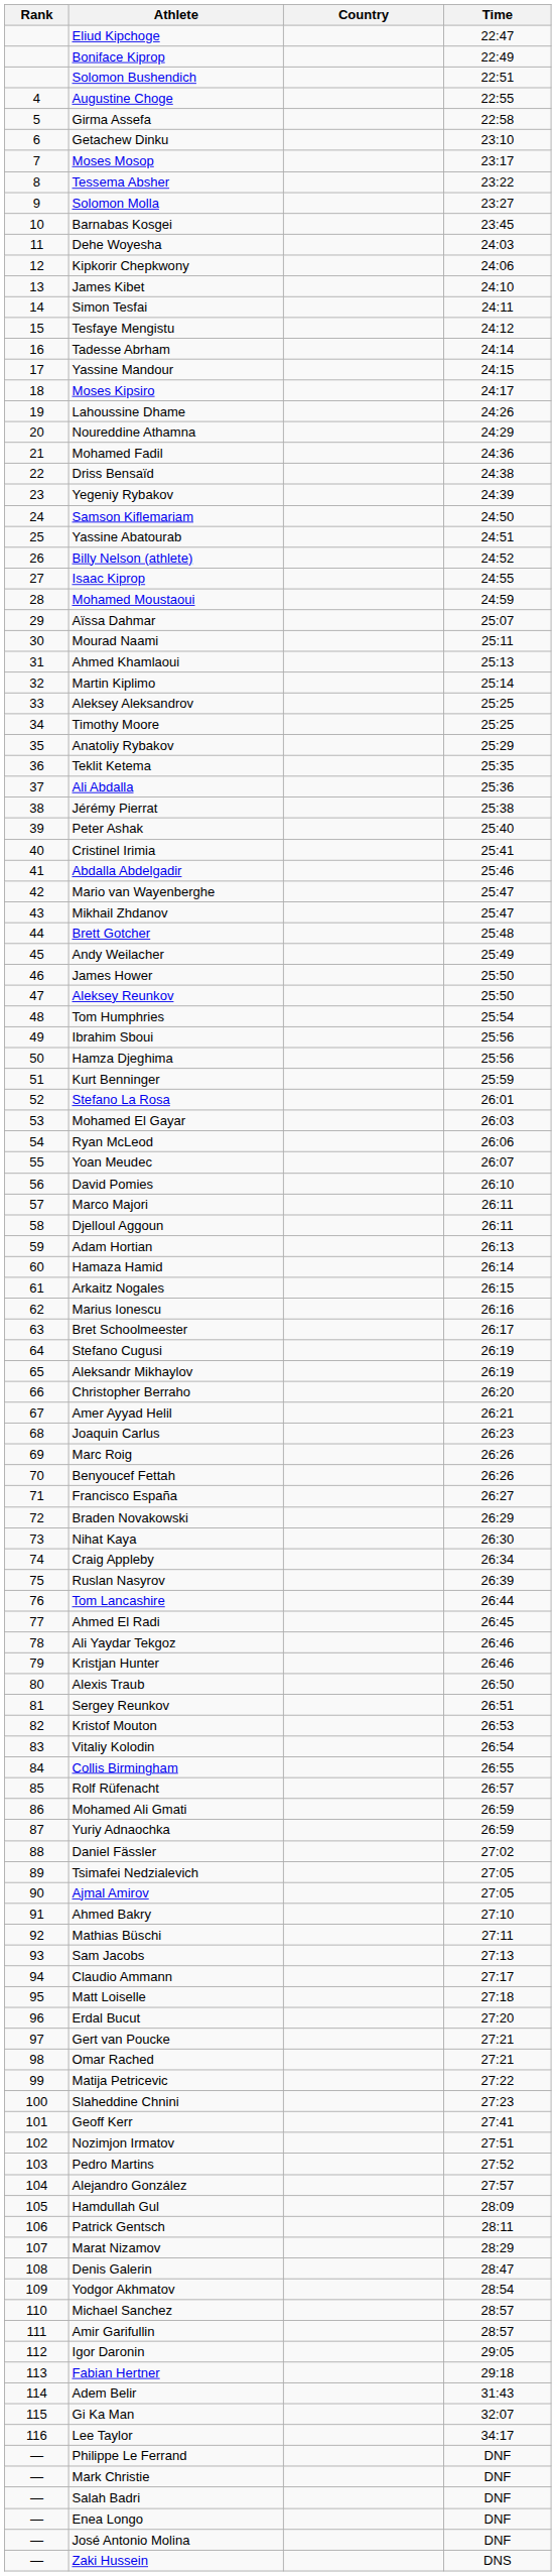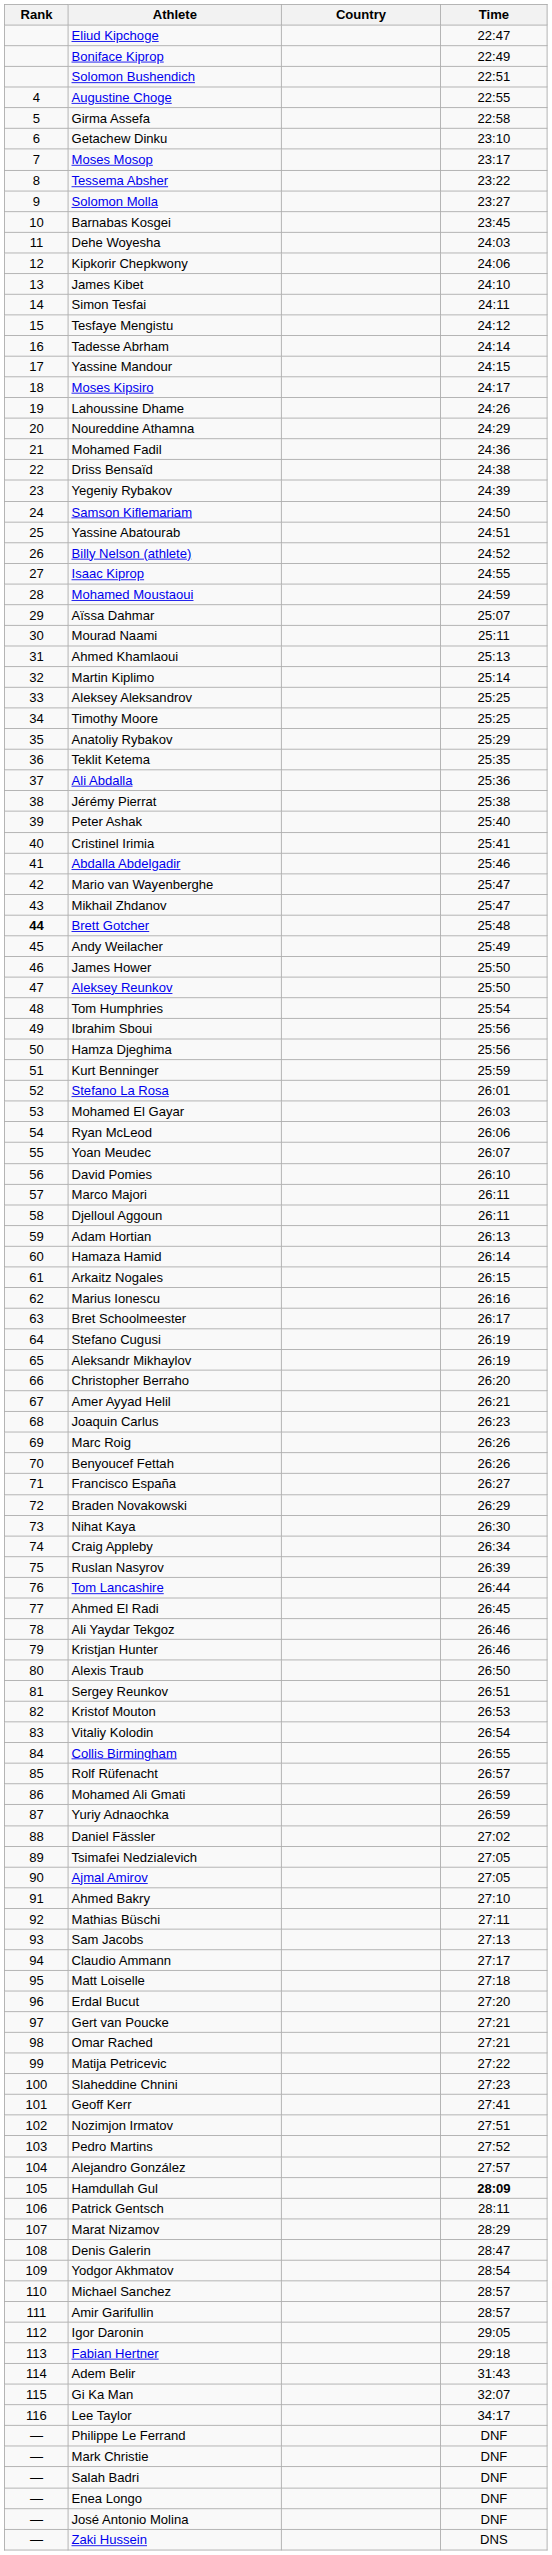 <table class="wikitable sortable" style=" text-align:center; font-size:95%;" width="50%">
 <tr>
 <th width=5%>Rank</th>
 <th width=20%>Athlete</th>
 <th width=15%>Country</th>
 <th width=10%>Time</th>
 </tr>
 <tr>
 <td align=center></td>
 <td align=left><a href='#'>Eliud Kipchoge</a></td>
 <td align=left></td>
 <td>22:47</td>
 </tr>
 <tr>
 <td align=center></td>
 <td align=left><a href='#'>Boniface Kiprop</a></td>
 <td align=left></td>
 <td>22:49</td>
 </tr>
 <tr>
 <td align=center></td>
 <td align=left><a href='#'>Solomon Bushendich</a></td>
 <td align=left></td>
 <td>22:51</td>
 </tr>
 <tr>
 <td align=center>4</td>
 <td align=left><a href='#'>Augustine Choge</a></td>
 <td align=left></td>
 <td>22:55</td>
 </tr>
 <tr>
 <td align=center>5</td>
 <td align=left>Girma Assefa</td>
 <td align=left></td>
 <td>22:58</td>
 </tr>
 <tr>
 <td align=center>6</td>
 <td align=left>Getachew Dinku</td>
 <td align=left></td>
 <td>23:10</td>
 </tr>
 <tr>
 <td align=center>7</td>
 <td align=left><a href='#'>Moses Mosop</a></td>
 <td align=left></td>
 <td>23:17</td>
 </tr>
 <tr>
 <td align=center>8</td>
 <td align=left><a href='#'>Tessema Absher</a></td>
 <td align=left></td>
 <td>23:22</td>
 </tr>
 <tr>
 <td align=center>9</td>
 <td align=left><a href='#'>Solomon Molla</a></td>
 <td align=left></td>
 <td>23:27</td>
 </tr>
 <tr>
 <td align=center>10</td>
 <td align=left>Barnabas Kosgei</td>
 <td align=left></td>
 <td>23:45</td>
 </tr>
 <tr>
 <td align=center>11</td>
 <td align=left>Dehe Woyesha</td>
 <td align=left></td>
 <td>24:03</td>
 </tr>
 <tr>
 <td align=center>12</td>
 <td align=left>Kipkorir Chepkwony</td>
 <td align=left></td>
 <td>24:06</td>
 </tr>
 <tr>
 <td align=center>13</td>
 <td align=left>James Kibet</td>
 <td align=left></td>
 <td>24:10</td>
 </tr>
 <tr>
 <td align=center>14</td>
 <td align=left>Simon Tesfai</td>
 <td align=left></td>
 <td>24:11</td>
 </tr>
 <tr>
 <td align=center>15</td>
 <td align=left>Tesfaye Mengistu</td>
 <td align=left></td>
 <td>24:12</td>
 </tr>
 <tr>
 <td align=center>16</td>
 <td align=left>Tadesse Abrham</td>
 <td align=left></td>
 <td>24:14</td>
 </tr>
 <tr>
 <td align=center>17</td>
 <td align=left>Yassine Mandour</td>
 <td align=left></td>
 <td>24:15</td>
 </tr>
 <tr>
 <td align=center>18</td>
 <td align=left><a href='#'>Moses Kipsiro</a></td>
 <td align=left></td>
 <td>24:17</td>
 </tr>
 <tr>
 <td align=center>19</td>
 <td align=left>Lahoussine Dhame</td>
 <td align=left></td>
 <td>24:26</td>
 </tr>
 <tr>
 <td align=center>20</td>
 <td align=left>Noureddine Athamna</td>
 <td align=left></td>
 <td>24:29</td>
 </tr>
 <tr>
 <td align=center>21</td>
 <td align=left>Mohamed Fadil</td>
 <td align=left></td>
 <td>24:36</td>
 </tr>
 <tr>
 <td align=center>22</td>
 <td align=left>Driss Bensaïd</td>
 <td align=left></td>
 <td>24:38</td>
 </tr>
 <tr>
 <td align=center>23</td>
 <td align=left>Yegeniy Rybakov</td>
 <td align=left></td>
 <td>24:39</td>
 </tr>
 <tr>
 <td align=center>24</td>
 <td align=left><a href='#'>Samson Kiflemariam</a></td>
 <td align=left></td>
 <td>24:50</td>
 </tr>
 <tr>
 <td align=center>25</td>
 <td align=left>Yassine Abatourab</td>
 <td align=left></td>
 <td>24:51</td>
 </tr>
 <tr>
 <td align=center>26</td>
 <td align=left><a href='#'>Billy Nelson (athlete)</a></td>
 <td align=left></td>
 <td>24:52</td>
 </tr>
 <tr>
 <td align=center>27</td>
 <td align=left><a href='#'>Isaac Kiprop</a></td>
 <td align=left></td>
 <td>24:55</td>
 </tr>
 <tr>
 <td align=center>28</td>
 <td align=left><a href='#'>Mohamed Moustaoui</a></td>
 <td align=left></td>
 <td>24:59</td>
 </tr>
 <tr>
 <td align=center>29</td>
 <td align=left>Aïssa Dahmar</td>
 <td align=left></td>
 <td>25:07</td>
 </tr>
 <tr>
 <td align=center>30</td>
 <td align=left>Mourad Naami</td>
 <td align=left></td>
 <td>25:11</td>
 </tr>
 <tr>
 <td align=center>31</td>
 <td align=left>Ahmed Khamlaoui</td>
 <td align=left></td>
 <td>25:13</td>
 </tr>
 <tr>
 <td align=center>32</td>
 <td align=left>Martin Kiplimo</td>
 <td align=left></td>
 <td>25:14</td>
 </tr>
 <tr>
 <td align=center>33</td>
 <td align=left>Aleksey Aleksandrov</td>
 <td align=left></td>
 <td>25:25</td>
 </tr>
 <tr>
 <td align=center>34</td>
 <td align=left>Timothy Moore</td>
 <td align=left></td>
 <td>25:25</td>
 </tr>
 <tr>
 <td align=center>35</td>
 <td align=left>Anatoliy Rybakov</td>
 <td align=left></td>
 <td>25:29</td>
 </tr>
 <tr>
 <td align=center>36</td>
 <td align=left>Teklit Ketema</td>
 <td align=left></td>
 <td>25:35</td>
 </tr>
 <tr>
 <td align=center>37</td>
 <td align=left><a href='#'>Ali Abdalla</a></td>
 <td align=left></td>
 <td>25:36</td>
 </tr>
 <tr>
 <td align=center>38</td>
 <td align=left>Jérémy Pierrat</td>
 <td align=left></td>
 <td>25:38</td>
 </tr>
 <tr>
 <td align=center>39</td>
 <td align=left>Peter Ashak</td>
 <td align=left></td>
 <td>25:40</td>
 </tr>
 <tr>
 <td align=center>40</td>
 <td align=left>Cristinel Irimia</td>
 <td align=left></td>
 <td>25:41</td>
 </tr>
 <tr>
 <td align=center>41</td>
 <td align=left><a href='#'>Abdalla Abdelgadir</a></td>
 <td align=left></td>
 <td>25:46</td>
 </tr>
 <tr>
 <td align=center>42</td>
 <td align=left>Mario van Wayenberghe</td>
 <td align=left></td>
 <td>25:47</td>
 </tr>
 <tr>
 <td align=center>43</td>
 <td align=left>Mikhail Zhdanov</td>
 <td align=left></td>
 <td>25:47</td>
 </tr>
 <tr>
-<td align=center>44</td>
+<td align=center><strong>44</strong></td>
 <td align=left><a href='#'>Brett Gotcher</a></td>
 <td align=left></td>
 <td>25:48</td>
 </tr>
 <tr>
 <td align=center>45</td>
 <td align=left>Andy Weilacher</td>
 <td align=left></td>
 <td>25:49</td>
 </tr>
 <tr>
 <td align=center>46</td>
 <td align=left>James Hower</td>
 <td align=left></td>
 <td>25:50</td>
 </tr>
 <tr>
 <td align=center>47</td>
 <td align=left><a href='#'>Aleksey Reunkov</a></td>
 <td align=left></td>
 <td>25:50</td>
 </tr>
 <tr>
 <td align=center>48</td>
 <td align=left>Tom Humphries</td>
 <td align=left></td>
 <td>25:54</td>
 </tr>
 <tr>
 <td align=center>49</td>
 <td align=left>Ibrahim Sboui</td>
 <td align=left></td>
 <td>25:56</td>
 </tr>
 <tr>
 <td align=center>50</td>
 <td align=left>Hamza Djeghima</td>
 <td align=left></td>
 <td>25:56</td>
 </tr>
 <tr>
 <td align=center>51</td>
 <td align=left>Kurt Benninger</td>
 <td align=left></td>
 <td>25:59</td>
 </tr>
 <tr>
 <td align=center>52</td>
 <td align=left><a href='#'>Stefano La Rosa</a></td>
 <td align=left></td>
 <td>26:01</td>
 </tr>
 <tr>
 <td align=center>53</td>
 <td align=left>Mohamed El Gayar</td>
 <td align=left></td>
 <td>26:03</td>
 </tr>
 <tr>
 <td align=center>54</td>
 <td align=left>Ryan McLeod</td>
 <td align=left></td>
 <td>26:06</td>
 </tr>
 <tr>
 <td align=center>55</td>
 <td align=left>Yoan Meudec</td>
 <td align=left></td>
 <td>26:07</td>
 </tr>
 <tr>
 <td align=center>56</td>
 <td align=left>David Pomies</td>
 <td align=left></td>
 <td>26:10</td>
 </tr>
 <tr>
 <td align=center>57</td>
 <td align=left>Marco Majori</td>
 <td align=left></td>
 <td>26:11</td>
 </tr>
 <tr>
 <td align=center>58</td>
 <td align=left>Djelloul Aggoun</td>
 <td align=left></td>
 <td>26:11</td>
 </tr>
 <tr>
 <td align=center>59</td>
 <td align=left>Adam Hortian</td>
 <td align=left></td>
 <td>26:13</td>
 </tr>
 <tr>
 <td align=center>60</td>
 <td align=left>Hamaza Hamid</td>
 <td align=left></td>
 <td>26:14</td>
 </tr>
 <tr>
 <td align=center>61</td>
 <td align=left>Arkaitz Nogales</td>
 <td align=left></td>
 <td>26:15</td>
 </tr>
 <tr>
 <td align=center>62</td>
 <td align=left>Marius Ionescu</td>
 <td align=left></td>
 <td>26:16</td>
 </tr>
 <tr>
 <td align=center>63</td>
 <td align=left>Bret Schoolmeester</td>
 <td align=left></td>
 <td>26:17</td>
 </tr>
 <tr>
 <td align=center>64</td>
 <td align=left>Stefano Cugusi</td>
 <td align=left></td>
 <td>26:19</td>
 </tr>
 <tr>
 <td align=center>65</td>
 <td align=left>Aleksandr Mikhaylov</td>
 <td align=left></td>
 <td>26:19</td>
 </tr>
 <tr>
 <td align=center>66</td>
 <td align=left>Christopher Berraho</td>
 <td align=left></td>
 <td>26:20</td>
 </tr>
 <tr>
 <td align=center>67</td>
 <td align=left>Amer Ayyad Helil</td>
 <td align=left></td>
 <td>26:21</td>
 </tr>
 <tr>
 <td align=center>68</td>
 <td align=left>Joaquin Carlus</td>
 <td align=left></td>
 <td>26:23</td>
 </tr>
 <tr>
 <td align=center>69</td>
 <td align=left>Marc Roig</td>
 <td align=left></td>
 <td>26:26</td>
 </tr>
 <tr>
 <td align=center>70</td>
 <td align=left>Benyoucef Fettah</td>
 <td align=left></td>
 <td>26:26</td>
 </tr>
 <tr>
 <td align=center>71</td>
 <td align=left>Francisco España</td>
 <td align=left></td>
 <td>26:27</td>
 </tr>
 <tr>
 <td align=center>72</td>
 <td align=left>Braden Novakowski</td>
 <td align=left></td>
 <td>26:29</td>
 </tr>
 <tr>
 <td align=center>73</td>
 <td align=left>Nihat Kaya</td>
 <td align=left></td>
 <td>26:30</td>
 </tr>
 <tr>
 <td align=center>74</td>
 <td align=left>Craig Appleby</td>
 <td align=left></td>
 <td>26:34</td>
 </tr>
 <tr>
 <td align=center>75</td>
 <td align=left>Ruslan Nasyrov</td>
 <td align=left></td>
 <td>26:39</td>
 </tr>
 <tr>
 <td align=center>76</td>
 <td align=left><a href='#'>Tom Lancashire</a></td>
 <td align=left></td>
 <td>26:44</td>
 </tr>
 <tr>
 <td align=center>77</td>
 <td align=left>Ahmed El Radi</td>
 <td align=left></td>
 <td>26:45</td>
 </tr>
 <tr>
 <td align=center>78</td>
 <td align=left>Ali Yaydar Tekgoz</td>
 <td align=left></td>
 <td>26:46</td>
 </tr>
 <tr>
 <td align=center>79</td>
 <td align=left>Kristjan Hunter</td>
 <td align=left></td>
 <td>26:46</td>
 </tr>
 <tr>
 <td align=center>80</td>
 <td align=left>Alexis Traub</td>
 <td align=left></td>
 <td>26:50</td>
 </tr>
 <tr>
 <td align=center>81</td>
 <td align=left>Sergey Reunkov</td>
 <td align=left></td>
 <td>26:51</td>
 </tr>
 <tr>
 <td align=center>82</td>
 <td align=left>Kristof Mouton</td>
 <td align=left></td>
 <td>26:53</td>
 </tr>
 <tr>
 <td align=center>83</td>
 <td align=left>Vitaliy Kolodin</td>
 <td align=left></td>
 <td>26:54</td>
 </tr>
 <tr>
 <td align=center>84</td>
 <td align=left><a href='#'>Collis Birmingham</a></td>
 <td align=left></td>
 <td>26:55</td>
 </tr>
 <tr>
 <td align=center>85</td>
 <td align=left>Rolf Rüfenacht</td>
 <td align=left></td>
 <td>26:57</td>
 </tr>
 <tr>
 <td align=center>86</td>
 <td align=left>Mohamed Ali Gmati</td>
 <td align=left></td>
 <td>26:59</td>
 </tr>
 <tr>
 <td align=center>87</td>
 <td align=left>Yuriy Adnaochka</td>
 <td align=left></td>
 <td>26:59</td>
 </tr>
 <tr>
 <td align=center>88</td>
 <td align=left>Daniel Fässler</td>
 <td align=left></td>
 <td>27:02</td>
 </tr>
 <tr>
 <td align=center>89</td>
 <td align=left>Tsimafei Nedzialevich</td>
 <td align=left></td>
 <td>27:05</td>
 </tr>
 <tr>
 <td align=center>90</td>
 <td align=left><a href='#'>Ajmal Amirov</a></td>
 <td align=left></td>
 <td>27:05</td>
 </tr>
 <tr>
 <td align=center>91</td>
 <td align=left>Ahmed Bakry</td>
 <td align=left></td>
 <td>27:10</td>
 </tr>
 <tr>
 <td align=center>92</td>
 <td align=left>Mathias Büschi</td>
 <td align=left></td>
 <td>27:11</td>
 </tr>
 <tr>
 <td align=center>93</td>
 <td align=left>Sam Jacobs</td>
 <td align=left></td>
 <td>27:13</td>
 </tr>
 <tr>
 <td align=center>94</td>
 <td align=left>Claudio Ammann</td>
 <td align=left></td>
 <td>27:17</td>
 </tr>
 <tr>
 <td align=center>95</td>
 <td align=left>Matt Loiselle</td>
 <td align=left></td>
 <td>27:18</td>
 </tr>
 <tr>
 <td align=center>96</td>
 <td align=left>Erdal Bucut</td>
 <td align=left></td>
 <td>27:20</td>
 </tr>
 <tr>
 <td align=center>97</td>
 <td align=left>Gert van Poucke</td>
 <td align=left></td>
 <td>27:21</td>
 </tr>
 <tr>
 <td align=center>98</td>
 <td align=left>Omar Rached</td>
 <td align=left></td>
 <td>27:21</td>
 </tr>
 <tr>
 <td align=center>99</td>
 <td align=left>Matija Petricevic</td>
 <td align=left></td>
 <td>27:22</td>
 </tr>
 <tr>
 <td align=center>100</td>
 <td align=left>Slaheddine Chnini</td>
 <td align=left></td>
 <td>27:23</td>
 </tr>
 <tr>
 <td align=center>101</td>
 <td align=left>Geoff Kerr</td>
 <td align=left></td>
 <td>27:41</td>
 </tr>
 <tr>
 <td align=center>102</td>
 <td align=left>Nozimjon Irmatov</td>
 <td align=left></td>
 <td>27:51</td>
 </tr>
 <tr>
 <td align=center>103</td>
 <td align=left>Pedro Martins</td>
 <td align=left></td>
 <td>27:52</td>
 </tr>
 <tr>
 <td align=center>104</td>
 <td align=left>Alejandro González</td>
 <td align=left></td>
 <td>27:57</td>
 </tr>
 <tr>
 <td align=center>105</td>
 <td align=left>Hamdullah Gul</td>
 <td align=left></td>
-<td>28:09</td>
+<td><strong>28:09</strong></td>
 </tr>
 <tr>
 <td align=center>106</td>
 <td align=left>Patrick Gentsch</td>
 <td align=left></td>
 <td>28:11</td>
 </tr>
 <tr>
 <td align=center>107</td>
 <td align=left>Marat Nizamov</td>
 <td align=left></td>
 <td>28:29</td>
 </tr>
 <tr>
 <td align=center>108</td>
 <td align=left>Denis Galerin</td>
 <td align=left></td>
 <td>28:47</td>
 </tr>
 <tr>
 <td align=center>109</td>
 <td align=left>Yodgor Akhmatov</td>
 <td align=left></td>
 <td>28:54</td>
 </tr>
 <tr>
 <td align=center>110</td>
 <td align=left>Michael Sanchez</td>
 <td align=left></td>
 <td>28:57</td>
 </tr>
 <tr>
 <td align=center>111</td>
 <td align=left>Amir Garifullin</td>
 <td align=left></td>
 <td>28:57</td>
 </tr>
 <tr>
 <td align=center>112</td>
 <td align=left>Igor Daronin</td>
 <td align=left></td>
 <td>29:05</td>
 </tr>
 <tr>
 <td align=center>113</td>
 <td align=left><a href='#'>Fabian Hertner</a></td>
 <td align=left></td>
 <td>29:18</td>
 </tr>
 <tr>
 <td align=center>114</td>
 <td align=left>Adem Belir</td>
 <td align=left></td>
 <td>31:43</td>
 </tr>
 <tr>
 <td align=center>115</td>
 <td align=left>Gi Ka Man</td>
 <td align=left></td>
 <td>32:07</td>
 </tr>
 <tr>
 <td align=center>116</td>
 <td align=left>Lee Taylor</td>
 <td align=left></td>
 <td>34:17</td>
 </tr>
 <tr>
 <td align=center>—</td>
 <td align=left>Philippe Le Ferrand</td>
 <td align=left></td>
 <td>DNF</td>
 </tr>
 <tr>
 <td align=center>—</td>
 <td align=left>Mark Christie</td>
 <td align=left></td>
 <td>DNF</td>
 </tr>
 <tr>
 <td align=center>—</td>
 <td align=left>Salah Badri</td>
 <td align=left></td>
 <td>DNF</td>
 </tr>
 <tr>
 <td align=center>—</td>
 <td align=left>Enea Longo</td>
 <td align=left></td>
 <td>DNF</td>
 </tr>
 <tr>
 <td align=center>—</td>
 <td align=left>José Antonio Molina</td>
 <td align=left></td>
 <td>DNF</td>
 </tr>
 <tr>
 <td align=center>—</td>
 <td align=left><a href='#'>Zaki Hussein</a></td>
 <td align=left></td>
 <td>DNS</td>
 </tr>
 </table>
